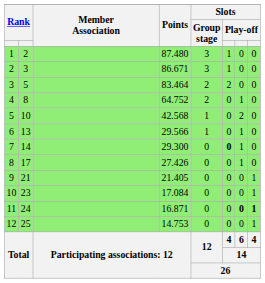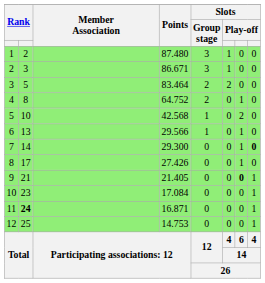 <table class="wikitable" style="text-align:center">
 <tr>
 </tr>
 <tr>
 <th colspan=2 rowspan=2><a href='#'>Rank</a></th>
 <th rowspan=3 width=200>Member<br>Association</th>
 <th rowspan=3>Points</th>
 <th colspan=4>Slots</th>
 </tr>
 <tr>
 <th rowspan=2>Group<br>stage</th>
 <th colspan=3>Play-off</th>
 </tr>
 <tr>
 <th></th>
 <th></th>
 <th></th>
 <th></th>
 <th></th>
 </tr>
 <tr bgcolor=#90ee77>
 <td>1</td>
 <td>2</td>
 <td align=left></td>
 <td>87.480</td>
 <td>3</td>
 <td>1</td>
 <td>0</td>
 <td>0</td>
 </tr>
 <tr bgcolor=#90ee77>
 <td>2</td>
 <td>3</td>
 <td align=left></td>
 <td>86.671</td>
 <td>3</td>
 <td>1</td>
 <td>0</td>
 <td>0</td>
 </tr>
 <tr bgcolor=#90ee77>
 <td>3</td>
 <td>5</td>
 <td align=left></td>
 <td>83.464</td>
 <td>2</td>
 <td>2</td>
 <td>0</td>
 <td>0</td>
 </tr>
 <tr bgcolor=#90ee77>
 <td>4</td>
 <td>8</td>
 <td align=left></td>
 <td>64.752</td>
 <td>2</td>
 <td>0</td>
 <td>1</td>
 <td>0</td>
 </tr>
 <tr bgcolor=#90ee77>
 <td>5</td>
 <td>10</td>
 <td align=left></td>
 <td>42.568</td>
 <td>1</td>
 <td>0</td>
 <td>2</td>
 <td>0</td>
 </tr>
 <tr bgcolor=#90ee77>
 <td>6</td>
 <td>13</td>
 <td align=left></td>
 <td>29.566</td>
 <td>1</td>
 <td>0</td>
 <td>1</td>
 <td>0</td>
 </tr>
 <tr bgcolor=#90ee77>
 <td>7</td>
 <td>14</td>
 <td align=left></td>
 <td>29.300</td>
 <td>0</td>
+<td>0</td>
+<td>1</td>
 <td><strong>0</strong></td>
-<td>1</td>
-<td>0</td>
 </tr>
 <tr bgcolor=#90ee77>
 <td>8</td>
 <td>17</td>
 <td align=left></td>
 <td>27.426</td>
 <td>0</td>
 <td>0</td>
 <td>1</td>
 <td>0</td>
 </tr>
 <tr bgcolor=#90ee77>
 <td>9</td>
 <td>21</td>
 <td align=left></td>
 <td>21.405</td>
 <td>0</td>
 <td>0</td>
-<td>0</td>
+<td><strong>0</strong></td>
 <td>1</td>
 </tr>
 <tr bgcolor=#90ee77>
 <td>10</td>
 <td>23</td>
 <td align=left></td>
 <td>17.084</td>
 <td>0</td>
 <td>0</td>
 <td>0</td>
 <td>1</td>
 </tr>
 <tr bgcolor=#90ee77>
 <td>11</td>
-<td>24</td>
+<td><strong>24</strong></td>
 <td align=left></td>
 <td>16.871</td>
 <td>0</td>
 <td>0</td>
-<td><strong>0</strong></td>
-<td><strong>1</strong></td>
+<td>0</td>
+<td>1</td>
 </tr>
 <tr bgcolor=#90ee77>
 <td>12</td>
 <td>25</td>
 <td align=left></td>
 <td>14.753</td>
 <td>0</td>
 <td>0</td>
 <td>0</td>
 <td>1</td>
 </tr>
 <tr>
 <th colspan=2 rowspan=3>Total</th>
 <th colspan=2 rowspan=3>Participating associations: 12</th>
 <th rowspan=2>12</th>
 <th>4</th>
 <th>6</th>
 <th>4</th>
 </tr>
 <tr>
 <th colspan=3>14</th>
 </tr>
 <tr>
 <th colspan=4>26</th>
 </tr>
 </table>
